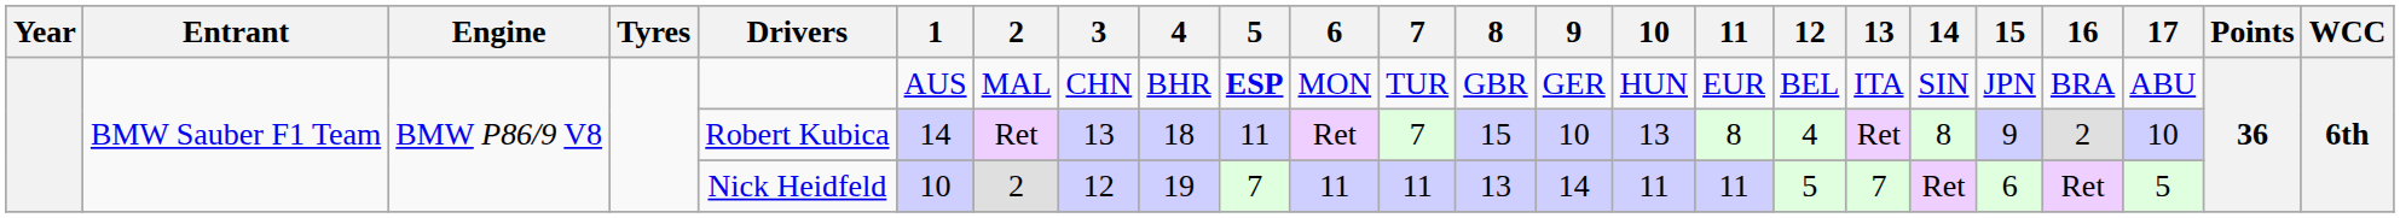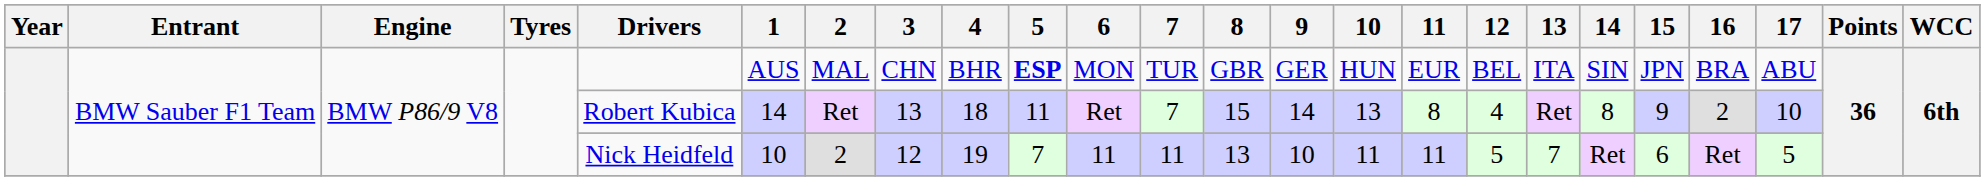 <table class="wikitable" style="text-align:center; font-size:95%">
 <tr>
 <th>Year</th>
 <th>Entrant</th>
 <th>Engine</th>
 <th>Tyres</th>
 <th>Drivers</th>
 <th>1</th>
 <th>2</th>
 <th>3</th>
 <th>4</th>
 <th>5</th>
 <th>6</th>
 <th>7</th>
 <th>8</th>
 <th>9</th>
 <th>10</th>
 <th>11</th>
 <th>12</th>
 <th>13</th>
 <th>14</th>
 <th>15</th>
 <th>16</th>
 <th>17</th>
 <th>Points</th>
 <th>WCC</th>
 </tr>
 <tr>
 <th rowspan="3"></th>
 <td rowspan="3"><a href='#'>BMW Sauber F1 Team</a></td>
 <td rowspan="3"><a href='#'>BMW</a> <em>P86/9</em> <a href='#'>V8</a></td>
 <td rowspan="3"></td>
 <td></td>
 <td><a href='#'>AUS</a></td>
 <td><a href='#'>MAL</a></td>
 <td><a href='#'>CHN</a></td>
 <td><a href='#'>BHR</a></td>
 <td><strong><a href='#'>ESP</a></strong></td>
 <td><a href='#'>MON</a></td>
 <td><a href='#'>TUR</a></td>
 <td><a href='#'>GBR</a></td>
 <td><a href='#'>GER</a></td>
 <td><a href='#'>HUN</a></td>
 <td><a href='#'>EUR</a></td>
 <td><a href='#'>BEL</a></td>
 <td><a href='#'>ITA</a></td>
 <td><a href='#'>SIN</a></td>
 <td><a href='#'>JPN</a></td>
 <td><a href='#'>BRA</a></td>
 <td><a href='#'>ABU</a></td>
 <th rowspan=3>36</th>
 <th rowspan=3>6th</th>
 </tr>
 <tr>
 <td> <a href='#'>Robert Kubica</a></td>
 <td style="background:#CFCFFF;">14</td>
 <td style="background:#EFCFFF;">Ret</td>
 <td style="background:#CFCFFF;">13</td>
 <td style="background:#CFCFFF;">18</td>
 <td style="background:#CFCFFF;">11</td>
 <td style="background:#EFCFFF;">Ret</td>
 <td style="background:#DFFFDF;">7</td>
 <td style="background:#CFCFFF;">15</td>
-<td style="background:#CFCFFF;">10</td>
+<td style="background:#CFCFFF;">14</td>
 <td style="background:#CFCFFF;">13</td>
 <td style="background:#DFFFDF;">8</td>
 <td style="background:#DFFFDF;">4</td>
 <td style="background:#EFCFFF;">Ret</td>
 <td style="background:#DFFFDF;">8</td>
 <td style="background:#CFCFFF;">9</td>
 <td style="background:#DFDFDF;">2</td>
 <td style="background:#CFCFFF;">10</td>
 </tr>
 <tr>
 <td> <a href='#'>Nick Heidfeld</a></td>
 <td style="background:#CFCFFF;">10</td>
 <td style="background:#DFDFDF;">2</td>
 <td style="background:#CFCFFF;">12</td>
 <td style="background:#CFCFFF;">19</td>
 <td style="background:#DFFFDF;">7</td>
 <td style="background:#CFCFFF;">11</td>
 <td style="background:#CFCFFF;">11</td>
 <td style="background:#CFCFFF;">13</td>
-<td style="background:#CFCFFF;">14</td>
+<td style="background:#CFCFFF;">10</td>
 <td style="background:#CFCFFF;">11</td>
 <td style="background:#CFCFFF;">11</td>
 <td style="background:#DFFFDF;">5</td>
 <td style="background:#DFFFDF;">7</td>
 <td style="background:#EFCFFF;">Ret</td>
 <td style="background:#DFFFDF;">6</td>
 <td style="background:#EFCFFF;">Ret</td>
 <td style="background:#DFFFDF;">5</td>
 </tr>
 </table>
